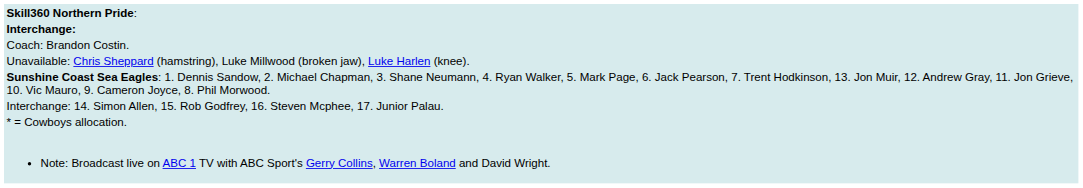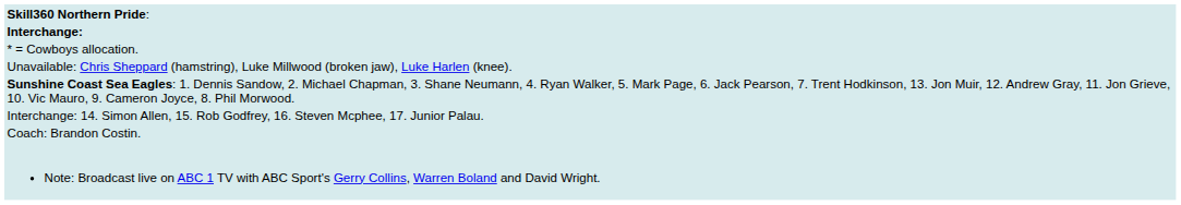 <table style="background:#d7ebed; font-size:85%; width:100%;">
 <tr>
 <td><strong>Skill360 Northern Pride</strong>:             </td>
 </tr>
 <tr>
 <td><strong>Interchange:    </strong></td>
 </tr>
 <tr>
-<td>Coach: Brandon Costin.</td>
+<td>* = Cowboys allocation.</td>
 </tr>
 <tr>
 <td>Unavailable: <a href='#'>Chris Sheppard</a> (hamstring), Luke Millwood (broken jaw), <a href='#'>Luke Harlen</a> (knee).</td>
 </tr>
 <tr>
 <td><strong>Sunshine Coast Sea Eagles</strong>: 1. Dennis Sandow, 2. Michael Chapman, 3. Shane Neumann, 4. Ryan Walker, 5. Mark Page, 6. Jack Pearson, 7. Trent Hodkinson, 13. Jon Muir, 12. Andrew Gray, 11. Jon Grieve, 10. Vic Mauro, 9. Cameron Joyce, 8. Phil Morwood.</td>
 </tr>
 <tr>
 <td>Interchange: 14. Simon Allen, 15. Rob Godfrey, 16. Steven Mcphee, 17. Junior Palau.</td>
 </tr>
 <tr>
-<td>* = Cowboys allocation.</td>
+<td>Coach: Brandon Costin.</td>
 </tr>
 <tr>
 <td><br><ul><li>Note: Broadcast live on <a href='#'>ABC 1</a> TV with ABC Sport's <a href='#'>Gerry Collins</a>, <a href='#'>Warren Boland</a> and David Wright.</li></ul></td>
 </tr>
 </table>
